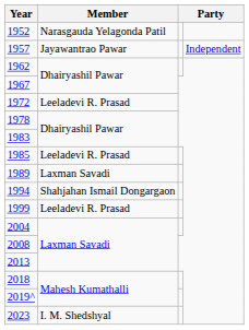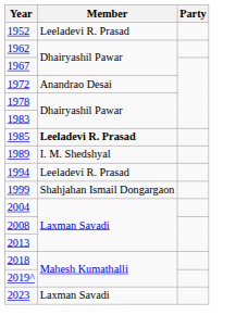 <table class="wikitable">
 <tr>
 <th>Year</th>
 <th>Member</th>
 <th colspan="2">Party</th>
 </tr>
 <tr>
 <td><a href='#'>1952</a></td>
-<td>Narasgauda Yelagonda Patil</td>
+<td>Leeladevi R. Prasad</td>
 <td></td>
-</tr>
-<tr>
-<td><a href='#'>1957</a></td>
-<td>Jayawantrao Pawar</td>
-<td style="background-color: "></td>
-<td><a href='#'>Independent</a></td>
 </tr>
 <tr>
 <td><a href='#'>1962</a></td>
 <td rowspan="2">Dhairyashil Pawar</td>
 <td></td>
 </tr>
 <tr>
 <td><a href='#'>1967</a></td>
 </tr>
 <tr>
 <td><a href='#'>1972</a></td>
-<td>Leeladevi R. Prasad</td>
+<td>Anandrao Desai</td>
 </tr>
 <tr>
 <td><a href='#'>1978</a></td>
 <td rowspan="2">Dhairyashil Pawar</td>
 </tr>
 <tr>
 <td><a href='#'>1983</a></td>
 </tr>
 <tr>
 <td><a href='#'>1985</a></td>
+<td><strong>Leeladevi R. Prasad</strong></td>
+<td></td>
+</tr>
+<tr>
+<td><a href='#'>1989</a></td>
+<td>I. M. Shedshyal</td>
+<td></td>
+</tr>
+<tr>
+<td><a href='#'>1994</a></td>
 <td>Leeladevi R. Prasad</td>
 <td></td>
 </tr>
 <tr>
-<td><a href='#'>1989</a></td>
-<td>Laxman Savadi</td>
-<td></td>
-</tr>
-<tr>
-<td><a href='#'>1994</a></td>
+<td><a href='#'>1999</a></td>
 <td>Shahjahan Ismail Dongargaon</td>
-<td></td>
-</tr>
-<tr>
-<td><a href='#'>1999</a></td>
-<td>Leeladevi R. Prasad</td>
 <td></td>
 </tr>
 <tr>
 <td><a href='#'>2004</a></td>
 <td rowspan="3"><a href='#'>Laxman Savadi</a></td>
 <td></td>
 </tr>
 <tr>
 <td><a href='#'>2008</a></td>
 </tr>
 <tr>
 <td><a href='#'>2013</a></td>
 </tr>
 <tr>
 <td><a href='#'>2018</a></td>
 <td rowspan="2"><a href='#'>Mahesh Kumathalli</a></td>
 <td></td>
 </tr>
 <tr>
 <td><a href='#'>2019^</a></td>
 <td></td>
 </tr>
 <tr>
 <td><a href='#'>2023</a></td>
-<td>I. M. Shedshyal</td>
+<td>Laxman Savadi</td>
 <td></td>
 </tr>
 </table>
